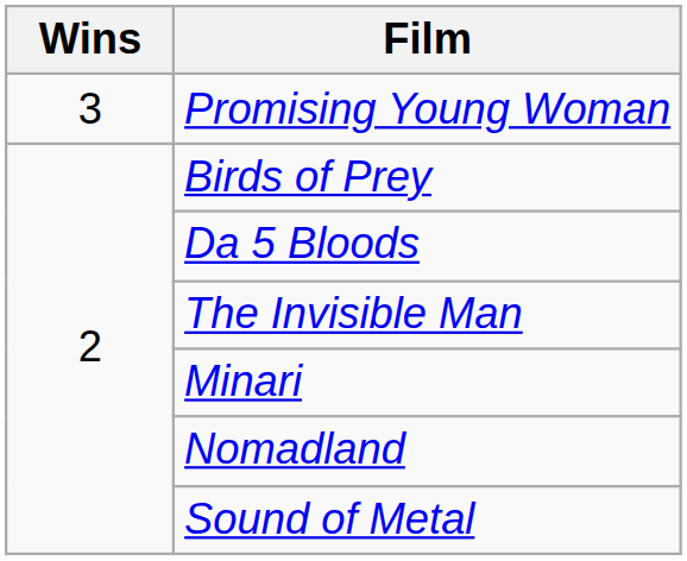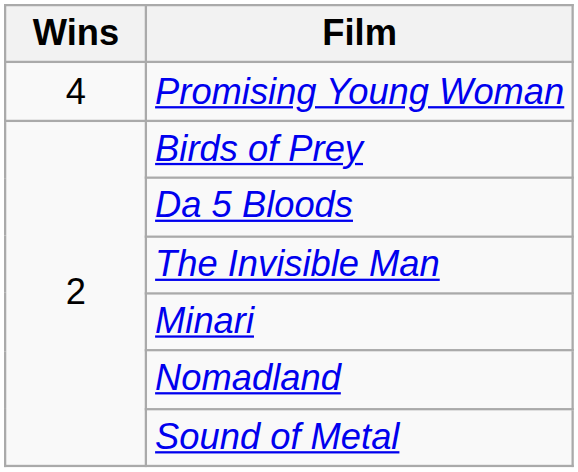 <table class="wikitable">
 <tr>
 <th scope="col" style="width:55px;">Wins</th>
 <th scope="col" style="text-align:center;">Film</th>
 </tr>
 <tr>
-<td rowspan="1" style="text-align:center">3</td>
+<td rowspan="1" style="text-align:center">4</td>
 <td><em><a href='#'>Promising Young Woman</a></em></td>
 </tr>
 <tr>
 <td rowspan="6" style="text-align:center">2</td>
 <td><em><a href='#'>Birds of Prey</a></em></td>
 </tr>
 <tr>
 <td><em><a href='#'>Da 5 Bloods</a></em></td>
 </tr>
 <tr>
 <td><em><a href='#'>The Invisible Man</a></em></td>
 </tr>
 <tr>
 <td><em><a href='#'>Minari</a></em></td>
 </tr>
 <tr>
 <td><em><a href='#'>Nomadland</a></em></td>
 </tr>
 <tr>
 <td><em><a href='#'>Sound of Metal</a></em></td>
 </tr>
 </table>
